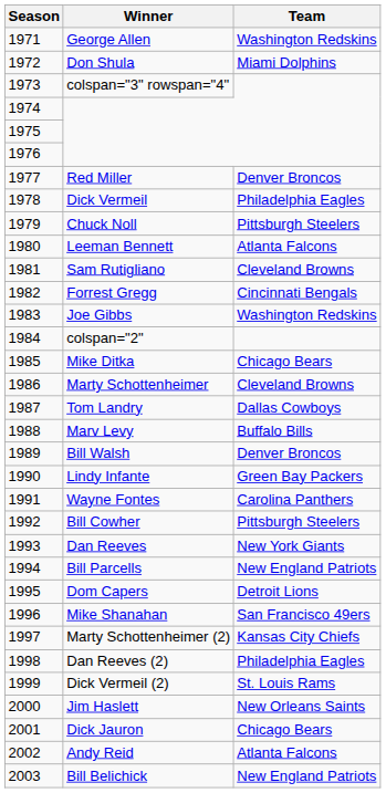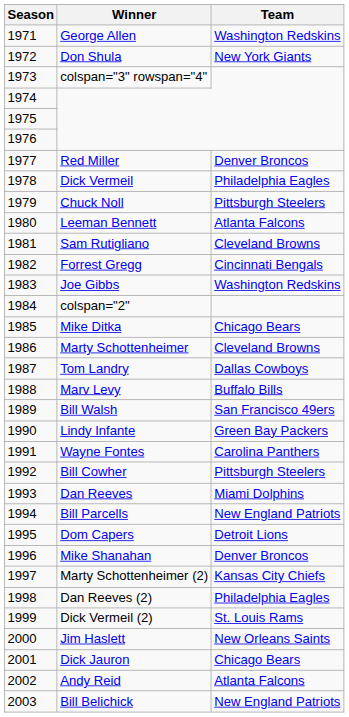 <table class="wikitable sortable">
 <tr>
 <th>Season</th>
 <th>Winner</th>
 <th>Team</th>
 </tr>
 <tr>
 <td>1971</td>
 <td><a href='#'>George Allen</a></td>
 <td><a href='#'>Washington Redskins</a></td>
 </tr>
 <tr>
 <td>1972</td>
 <td><a href='#'>Don Shula</a></td>
-<td><a href='#'>Miami Dolphins</a></td>
+<td><a href='#'>New York Giants</a></td>
 </tr>
 <tr>
 <td>1973</td>
 <td>colspan="3" rowspan="4" </td>
 </tr>
 <tr>
 <td>1974</td>
 </tr>
 <tr>
 <td>1975</td>
 </tr>
 <tr>
 <td>1976</td>
 </tr>
 <tr>
 <td>1977</td>
 <td><a href='#'>Red Miller</a></td>
 <td><a href='#'>Denver Broncos</a></td>
 </tr>
 <tr>
 <td>1978</td>
 <td><a href='#'>Dick Vermeil</a></td>
 <td><a href='#'>Philadelphia Eagles</a></td>
 </tr>
 <tr>
 <td>1979</td>
 <td><a href='#'>Chuck Noll</a></td>
 <td><a href='#'>Pittsburgh Steelers</a></td>
 </tr>
 <tr>
 <td>1980</td>
 <td><a href='#'>Leeman Bennett</a></td>
 <td><a href='#'>Atlanta Falcons</a></td>
 </tr>
 <tr>
 <td>1981</td>
 <td><a href='#'>Sam Rutigliano</a></td>
 <td><a href='#'>Cleveland Browns</a></td>
 </tr>
 <tr>
 <td>1982</td>
 <td><a href='#'>Forrest Gregg</a></td>
 <td><a href='#'>Cincinnati Bengals</a></td>
 </tr>
 <tr>
 <td>1983</td>
 <td><a href='#'>Joe Gibbs</a></td>
 <td><a href='#'>Washington Redskins</a></td>
 </tr>
 <tr>
 <td>1984</td>
 <td>colspan="2" </td>
 </tr>
 <tr>
 <td>1985</td>
 <td><a href='#'>Mike Ditka</a></td>
 <td><a href='#'>Chicago Bears</a></td>
 </tr>
 <tr>
 <td>1986</td>
 <td><a href='#'>Marty Schottenheimer</a></td>
 <td><a href='#'>Cleveland Browns</a></td>
 </tr>
 <tr>
 <td>1987</td>
 <td><a href='#'>Tom Landry</a></td>
 <td><a href='#'>Dallas Cowboys</a></td>
 </tr>
 <tr>
 <td>1988</td>
 <td><a href='#'>Marv Levy</a></td>
 <td><a href='#'>Buffalo Bills</a></td>
 </tr>
 <tr>
 <td>1989</td>
 <td><a href='#'>Bill Walsh</a></td>
-<td><a href='#'>Denver Broncos</a></td>
+<td><a href='#'>San Francisco 49ers</a></td>
 </tr>
 <tr>
 <td>1990</td>
 <td><a href='#'>Lindy Infante</a></td>
 <td><a href='#'>Green Bay Packers</a></td>
 </tr>
 <tr>
 <td>1991</td>
 <td><a href='#'>Wayne Fontes</a></td>
 <td><a href='#'>Carolina Panthers</a></td>
 </tr>
 <tr>
 <td>1992</td>
 <td><a href='#'>Bill Cowher</a></td>
 <td><a href='#'>Pittsburgh Steelers</a></td>
 </tr>
 <tr>
 <td>1993</td>
 <td><a href='#'>Dan Reeves</a></td>
-<td><a href='#'>New York Giants</a></td>
+<td><a href='#'>Miami Dolphins</a></td>
 </tr>
 <tr>
 <td>1994</td>
 <td><a href='#'>Bill Parcells</a></td>
 <td><a href='#'>New England Patriots</a></td>
 </tr>
 <tr>
 <td>1995</td>
 <td><a href='#'>Dom Capers</a></td>
 <td><a href='#'>Detroit Lions</a></td>
 </tr>
 <tr>
 <td>1996</td>
 <td><a href='#'>Mike Shanahan</a></td>
-<td><a href='#'>San Francisco 49ers</a></td>
+<td><a href='#'>Denver Broncos</a></td>
 </tr>
 <tr>
 <td>1997</td>
 <td>Marty Schottenheimer (2)</td>
 <td><a href='#'>Kansas City Chiefs</a></td>
 </tr>
 <tr>
 <td>1998</td>
 <td>Dan Reeves (2)</td>
 <td><a href='#'>Philadelphia Eagles</a></td>
 </tr>
 <tr>
 <td>1999</td>
 <td>Dick Vermeil (2)</td>
 <td><a href='#'>St. Louis Rams</a></td>
 </tr>
 <tr>
 <td>2000</td>
 <td><a href='#'>Jim Haslett</a></td>
 <td><a href='#'>New Orleans Saints</a></td>
 </tr>
 <tr>
 <td>2001</td>
 <td><a href='#'>Dick Jauron</a></td>
 <td><a href='#'>Chicago Bears</a></td>
 </tr>
 <tr>
 <td>2002</td>
 <td><a href='#'>Andy Reid</a></td>
 <td><a href='#'>Atlanta Falcons</a></td>
 </tr>
 <tr>
 <td>2003</td>
 <td><a href='#'>Bill Belichick</a></td>
 <td><a href='#'>New England Patriots</a></td>
 </tr>
 </table>
